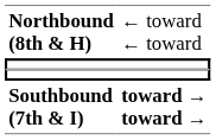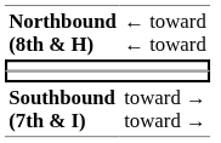 <table border="0" cellspacing="0" cellpadding="3">
 <tr>
 <td style="border-top:solid 1px gray"><strong>Northbound<br>(8th & H)</strong></td>
 <td style="border-top:solid 1px gray">←  toward  <br>←  toward  </td>
 </tr>
 <tr>
 <td colspan="2" style="border-top:solid 2px black;border-right:solid 2px black;border-left:solid 2px black;border-bottom:solid 1px gray;text-align:center"></td>
 </tr>
 <tr>
 <td colspan="2" style="border-top:solid 1px gray;border-right:solid 2px black;border-left:solid 2px black;border-bottom:solid 2px black;text-align:center"></td>
 </tr>
 <tr>
 <td style="border-bottom:solid 1px gray"><strong>Southbound<br>(7th & I)</strong></td>
-<td style="border-bottom:solid 1px gray"><strong>  toward   →<br>  toward   →</strong></td>
+<td style="border-bottom:solid 1px gray">  toward   →<br>  toward   →</td>
 </tr>
 </table>
